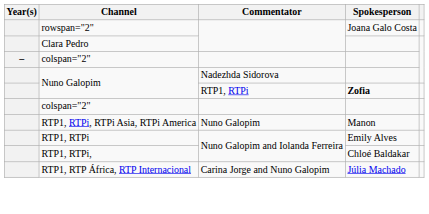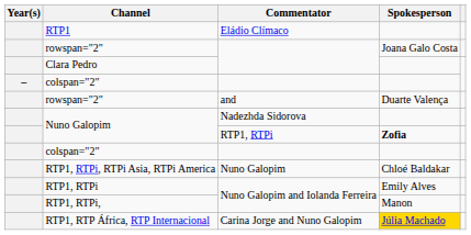 <table class="wikitable sortable plainrowheaders">
 <tr>
 <th scope="col">Year(s)</th>
 <th scope="col">Channel</th>
 <th scope="col">Commentator</th>
 <th scope="col">Spokesperson</th>
 <th scope="col" class="unsortable"></th>
+</tr>
+<tr>
+<th scope="row" style="text-align:center;"></th>
+<td><a href='#'>RTP1</a></td>
+<td><a href='#'>Eládio Clímaco</a></td>
+<td></td>
+<td></td>
 </tr>
 <tr>
 <th scope="row" style="text-align:center;"></th>
 <td>rowspan="2" </td>
 <td rowspan="2"></td>
 <td>Joana Galo Costa</td>
 <td></td>
 </tr>
 <tr>
 <th scope="row" style="text-align:center;"></th>
 <td>Clara Pedro</td>
 <td></td>
 </tr>
 <tr>
 <th scope="row" style="text-align:center;">–</th>
 <td>colspan="2" </td>
 <td></td>
+<td></td>
+</tr>
+<tr>
+<th scope="row" style="text-align:center;"></th>
+<td>rowspan="2" </td>
+<td> and </td>
+<td>Duarte Valença</td>
 <td></td>
 </tr>
 <tr>
 <th scope="row" style="text-align:center;"></th>
 <td rowspan="2">Nuno Galopim</td>
 <td>Nadezhda Sidorova</td>
 <td></td>
 </tr>
 <tr>
 <th scope="row" style="text-align:center;"></th>
 <td>RTP1, <a href='#'>RTPi</a></td>
 <td><strong>Zofia</strong></td>
 <td></td>
 </tr>
 <tr>
 <th scope="row" style="text-align:center;"></th>
 <td>colspan="2" </td>
 <td></td>
 <td></td>
 </tr>
 <tr>
 <th scope="row" style="text-align:center;"></th>
 <td>RTP1, <a href='#'>RTPi</a>, RTPi Asia, RTPi America</td>
 <td>Nuno Galopim</td>
-<td>Manon</td>
+<td>Chloé Baldakar</td>
 <td></td>
 </tr>
 <tr>
 <th scope="row"style="text-align:center;"></th>
 <td>RTP1, RTPi</td>
 <td rowspan="2">Nuno Galopim and Iolanda Ferreira</td>
 <td>Emily Alves</td>
 <td></td>
 </tr>
 <tr>
 <th scope="row"style="text-align:center;"></th>
 <td>RTP1, RTPi, </td>
-<td>Chloé Baldakar</td>
+<td>Manon</td>
 <td></td>
 </tr>
 <tr>
 <th scope="row"style="text-align:center;"></th>
 <td>RTP1, RTP África,  <a href='#'>RTP Internacional</a></td>
 <td>Carina Jorge and Nuno Galopim</td>
-<td><a href='#'>Júlia Machado</a></td>
+<td style="background: gold;"><a href='#'>Júlia Machado</a></td>
 <td></td>
 </tr>
 </table>
